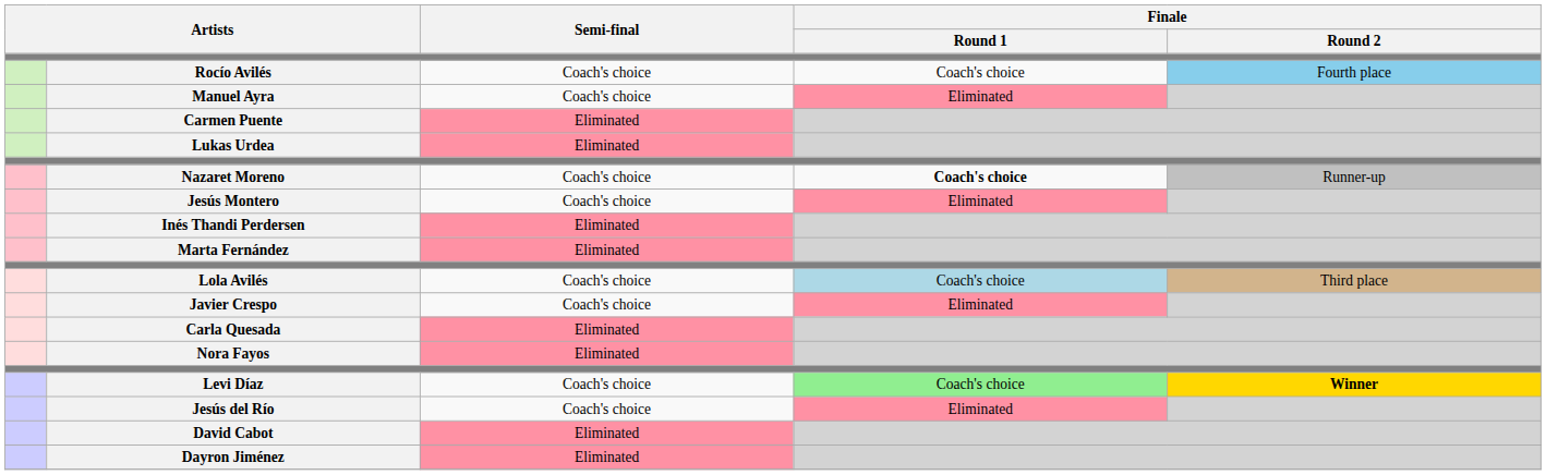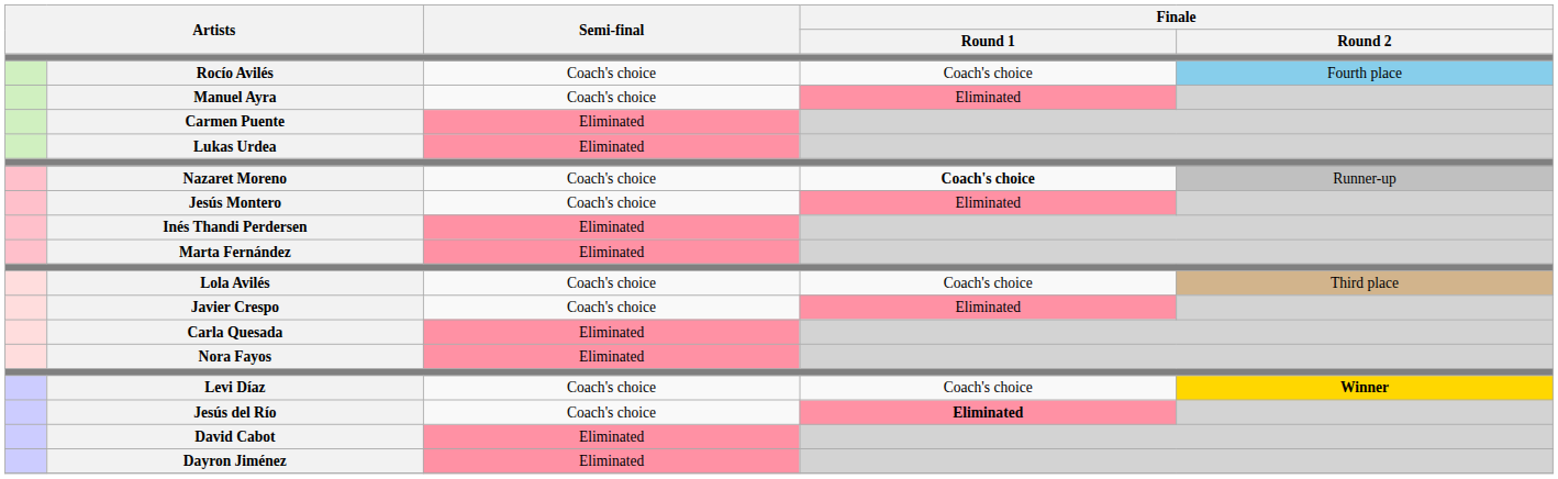 <table class="wikitable" style="text-align:center; font-size:95%; width:100%">
 <tr>
 <th rowspan="2" colspan="2" style="width:20%">Artists</th>
 <th rowspan="2" style="width:18%">Semi-final</th>
 <th colspan="2" style="width:36%">Finale</th>
 </tr>
 <tr>
 <th style="width:18%">Round 1</th>
 <th style="width:18%">Round 2</th>
 </tr>
 <tr>
 <th colspan="6" style="background:gray"></th>
 </tr>
 <tr>
 <td style="background:#d0f0c0; width:2%"></td>
 <th style="width:18%">Rocío Avilés</th>
 <td>Coach's choice</td>
 <td>Coach's choice</td>
 <td style="background:skyblue">Fourth place</td>
 </tr>
 <tr>
 <td style="background:#d0f0c0"></td>
 <th>Manuel Ayra</th>
 <td>Coach's choice</td>
 <td style="background:#FF91A4">Eliminated</td>
 <td style="background:lightgrey"></td>
 </tr>
 <tr>
 <td style="background:#d0f0c0"></td>
 <th>Carmen Puente</th>
 <td style="background:#FF91A4">Eliminated</td>
 <td colspan="2" style="background:lightgrey"></td>
 </tr>
 <tr>
 <td style="background:#d0f0c0"></td>
 <th>Lukas Urdea</th>
 <td style="background:#FF91A4">Eliminated</td>
 <td colspan="2" style="background:lightgrey"></td>
 </tr>
 <tr>
 <td colspan="10" bgcolor="gray"></td>
 </tr>
 <tr>
 <td style="background:pink"></td>
 <th>Nazaret Moreno</th>
 <td>Coach's choice</td>
 <td><strong>Coach's choice</strong></td>
 <td style="background:silver">Runner-up</td>
 </tr>
 <tr>
 <td style="background:pink"></td>
 <th>Jesús Montero</th>
 <td>Coach's choice</td>
 <td style="background:#FF91A4">Eliminated</td>
 <td style="background:lightgrey"></td>
 </tr>
 <tr>
 <td style="background:pink"></td>
 <th>Inés Thandi Perdersen</th>
 <td style="background:#FF91A4">Eliminated</td>
 <td colspan="2" style="background:lightgrey"></td>
 </tr>
 <tr>
 <td style="background:pink"></td>
 <th>Marta Fernández</th>
 <td style="background:#FF91A4">Eliminated</td>
 <td colspan="2" style="background:lightgrey"></td>
 </tr>
 <tr>
 <td colspan="10" bgcolor="gray"></td>
 </tr>
 <tr>
 <td style="background:#ffdddd"></td>
 <th>Lola Avilés</th>
 <td>Coach's choice</td>
-<td style="background: lightblue;">Coach's choice</td>
+<td>Coach's choice</td>
 <td style="background:tan">Third place</td>
 </tr>
 <tr>
 <td style="background:#ffdddd"></td>
 <th>Javier Crespo</th>
 <td>Coach's choice</td>
 <td style="background:#FF91A4">Eliminated</td>
 <td style="background:lightgrey"></td>
 </tr>
 <tr>
 <td style="background:#ffdddd"></td>
 <th>Carla Quesada</th>
 <td style="background:#FF91A4">Eliminated</td>
 <td colspan="2" style="background:lightgrey"></td>
 </tr>
 <tr>
 <td style="background:#ffdddd"></td>
 <th>Nora Fayos</th>
 <td style="background:#FF91A4">Eliminated</td>
 <td colspan="2" style="background:lightgrey"></td>
 </tr>
 <tr>
 <td colspan="10" bgcolor="gray"></td>
 </tr>
 <tr>
 <td style="background:#ccccff"></td>
 <th>Levi Díaz</th>
 <td>Coach's choice</td>
-<td style="background: lightgreen;">Coach's choice</td>
+<td>Coach's choice</td>
 <td style="background:gold"><strong>Winner</strong></td>
 </tr>
 <tr>
 <td style="background:#ccccff"></td>
 <th>Jesús del Río</th>
 <td>Coach's choice</td>
-<td style="background:#FF91A4">Eliminated</td>
+<td style="background:#FF91A4"><strong>Eliminated</strong></td>
 <td style="background:lightgrey"></td>
 </tr>
 <tr>
 <td style="background:#ccccff"></td>
 <th>David Cabot</th>
 <td style="background:#FF91A4">Eliminated</td>
 <td colspan="2" style="background:lightgrey"></td>
 </tr>
 <tr>
 <td style="background:#ccccff"></td>
 <th>Dayron Jiménez</th>
 <td style="background:#FF91A4">Eliminated</td>
 <td colspan="2" style="background:lightgrey"></td>
 </tr>
 <tr>
 </tr>
 </table>
